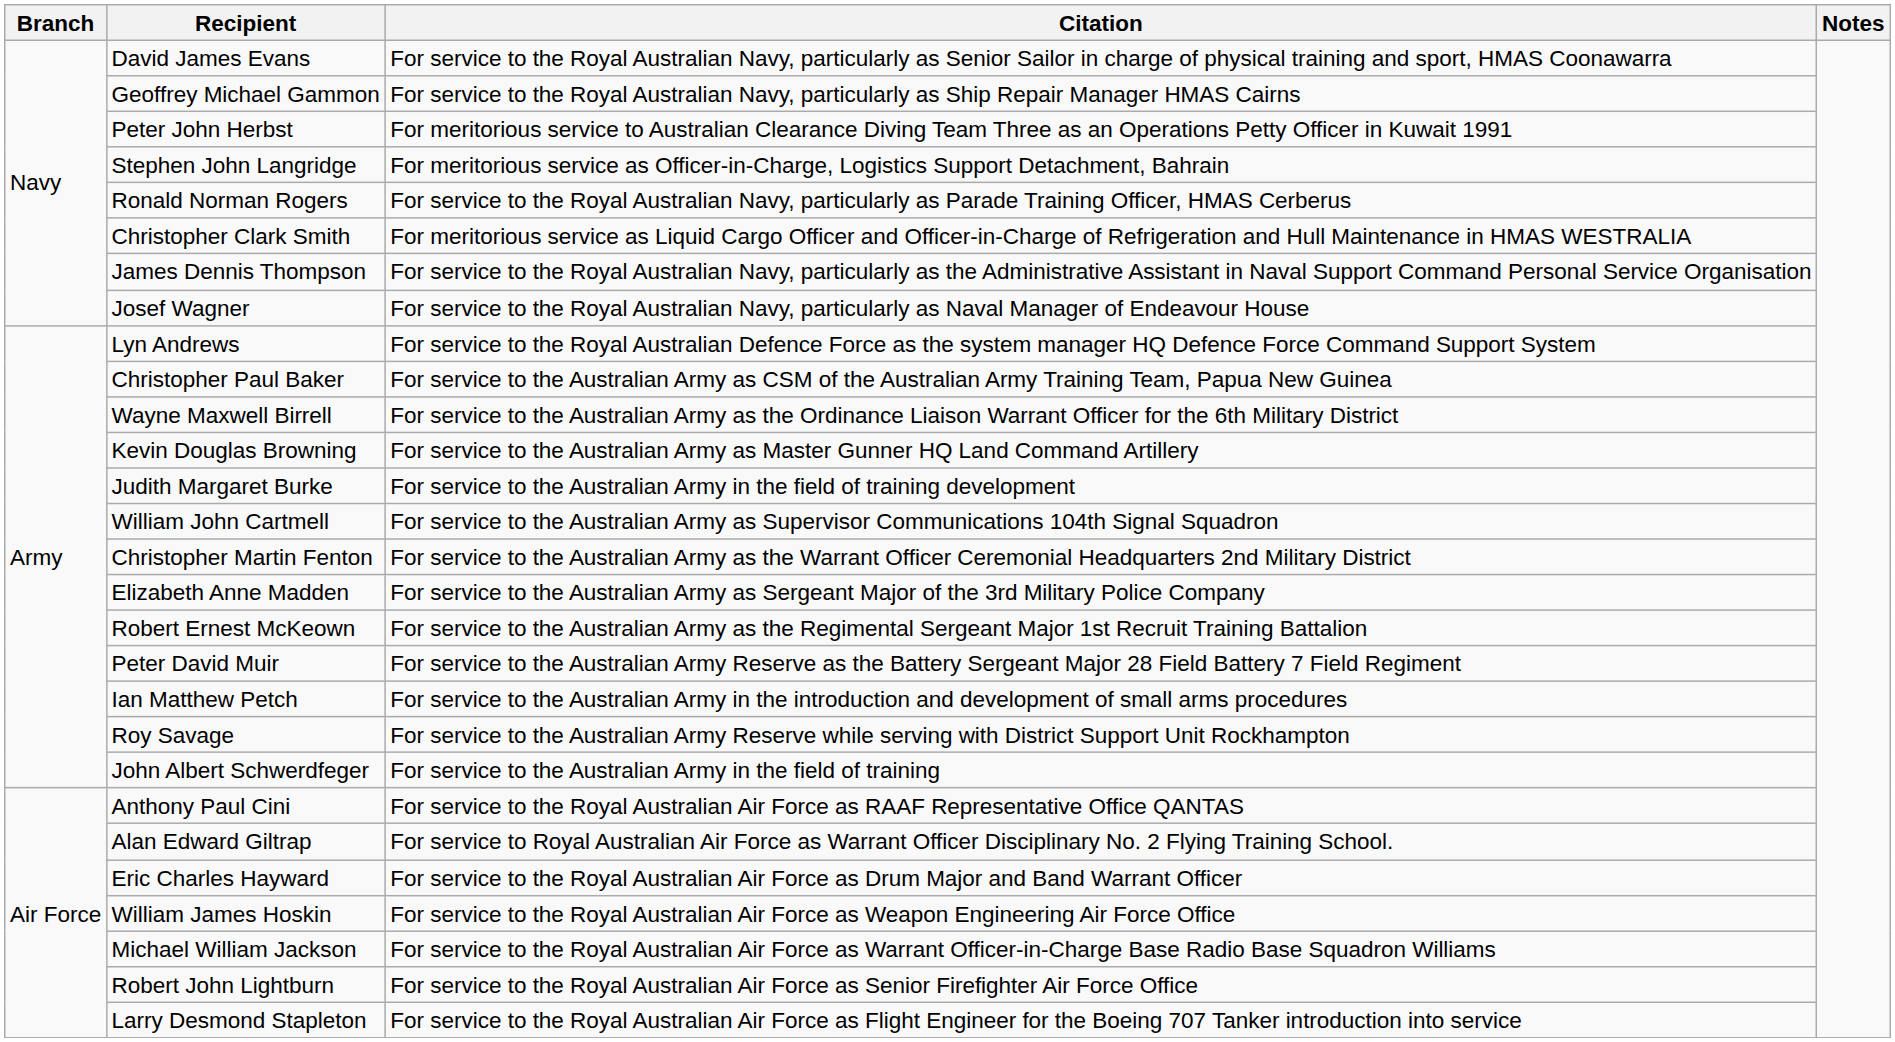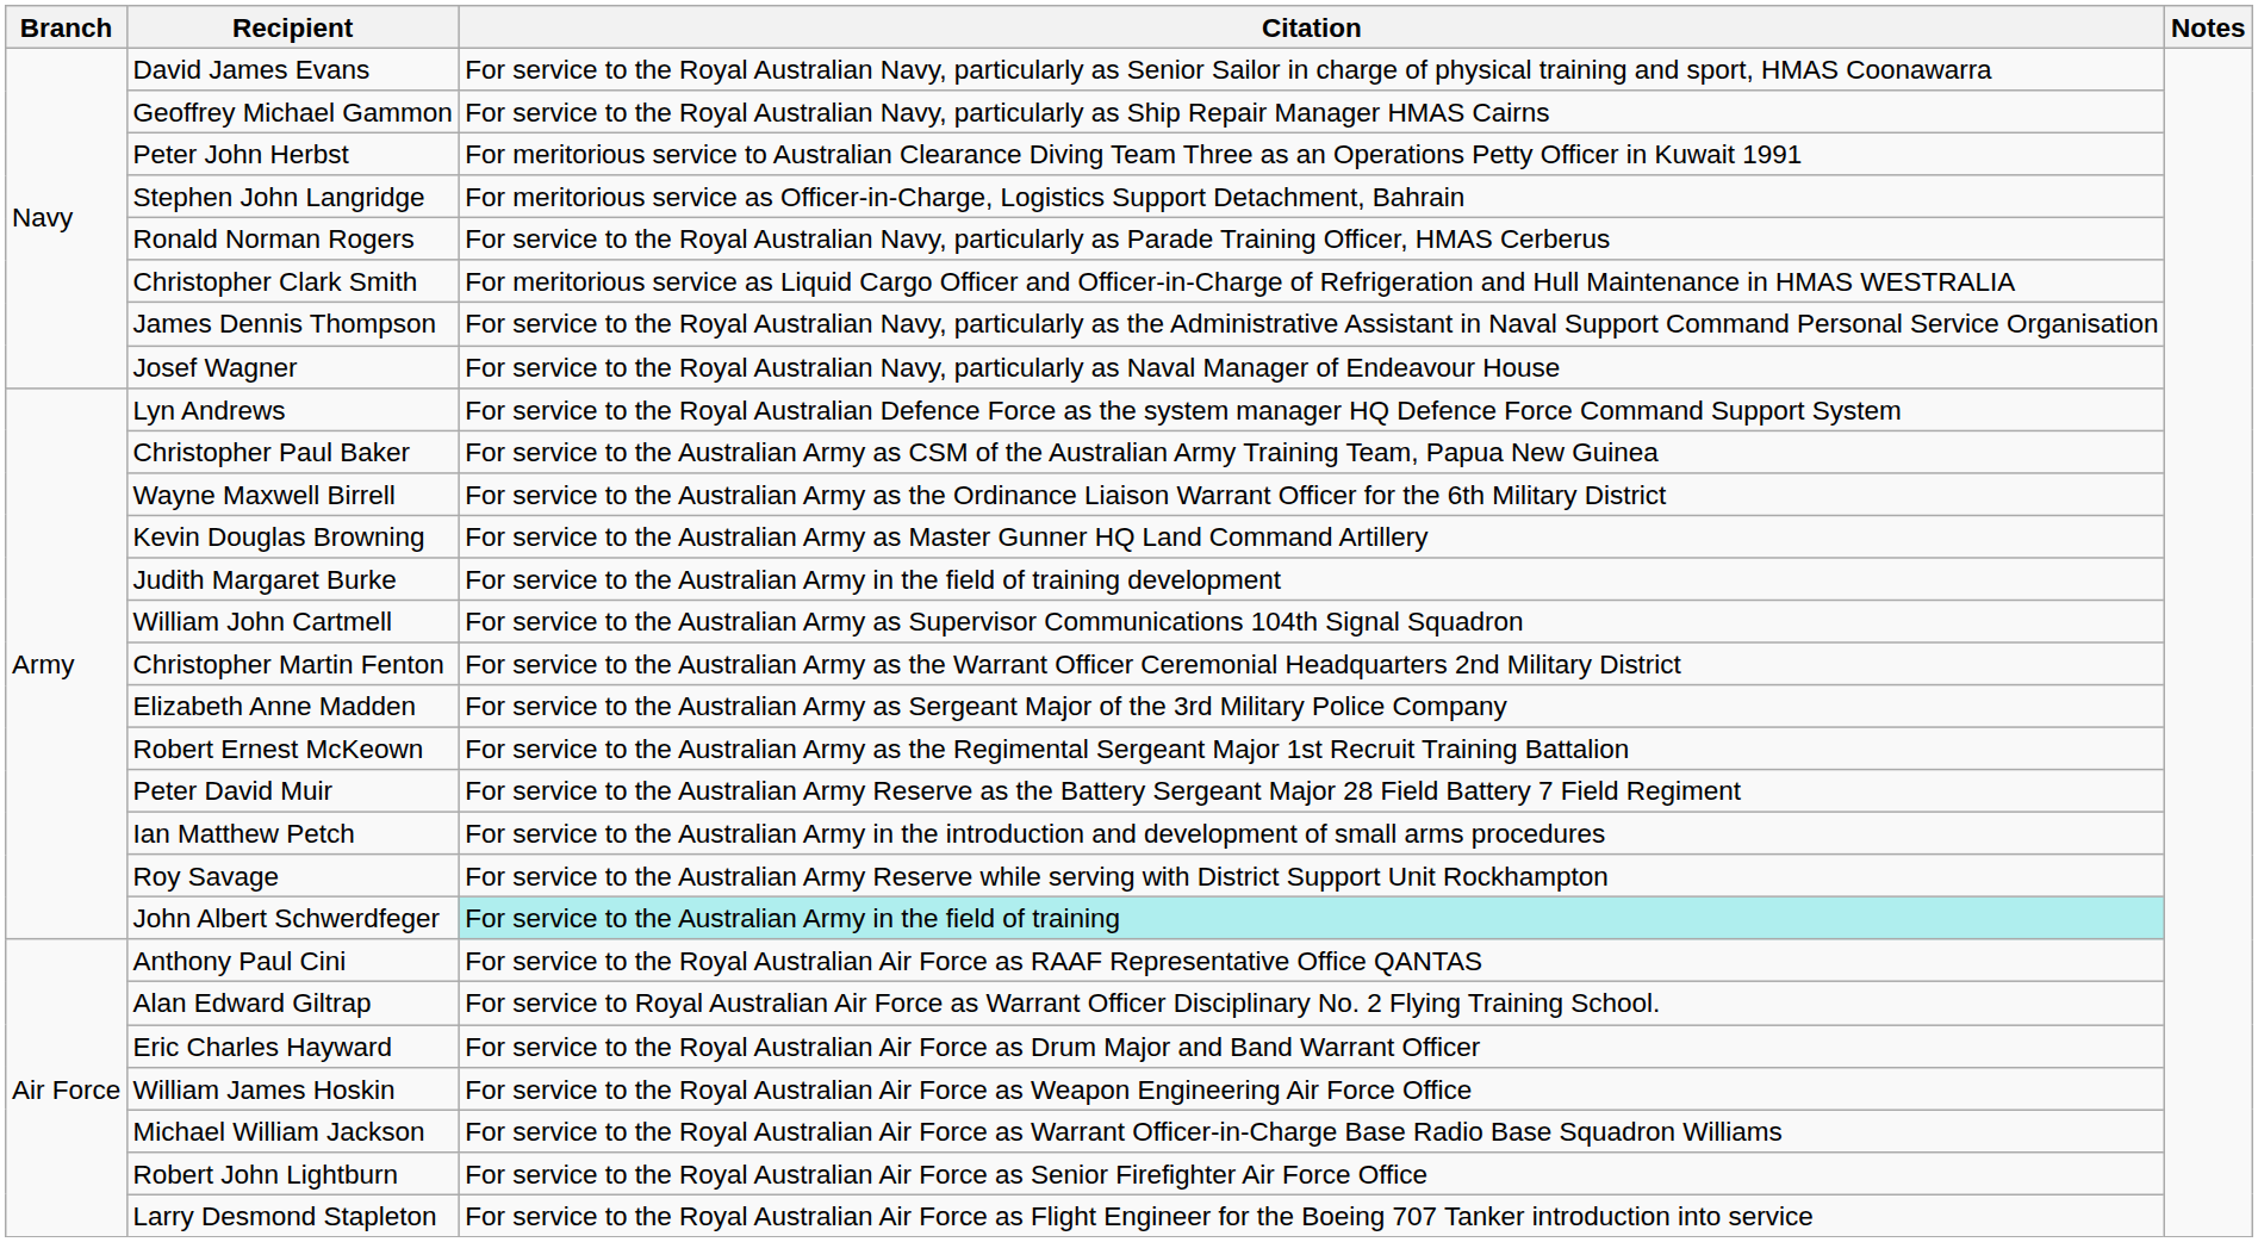 <table class="wikitable" style="font-size:95%;">
 <tr>
 <th>Branch</th>
 <th>Recipient</th>
 <th>Citation</th>
 <th>Notes</th>
 </tr>
 <tr>
 <td rowspan=8>Navy</td>
 <td> David James Evans</td>
 <td>For service to the Royal Australian Navy, particularly as Senior Sailor in charge of physical training and sport, HMAS Coonawarra</td>
 <td rowspan=28></td>
 </tr>
 <tr>
 <td> Geoffrey Michael Gammon</td>
 <td>For service to the Royal Australian Navy, particularly as Ship Repair Manager HMAS Cairns</td>
 </tr>
 <tr>
 <td> Peter John Herbst</td>
 <td>For meritorious service to Australian Clearance Diving Team Three as an Operations Petty Officer in Kuwait 1991</td>
 </tr>
 <tr>
 <td> Stephen John Langridge</td>
 <td>For meritorious service as Officer-in-Charge, Logistics Support Detachment, Bahrain</td>
 </tr>
 <tr>
 <td> Ronald Norman Rogers</td>
 <td>For service to the Royal Australian Navy, particularly as Parade Training Officer, HMAS Cerberus</td>
 </tr>
 <tr>
 <td> Christopher Clark Smith</td>
 <td>For meritorious service as Liquid Cargo Officer and Officer-in-Charge of Refrigeration and Hull Maintenance in HMAS WESTRALIA</td>
 </tr>
 <tr>
 <td> James Dennis Thompson</td>
 <td>For service to the Royal Australian Navy, particularly as the Administrative Assistant in Naval Support Command Personal Service Organisation</td>
 </tr>
 <tr>
 <td> Josef Wagner</td>
 <td>For service to the Royal Australian Navy, particularly as Naval Manager of Endeavour House</td>
 </tr>
 <tr>
 <td rowspan=13>Army</td>
 <td> Lyn Andrews</td>
 <td>For service to the Royal Australian Defence Force as the system manager HQ Defence Force Command Support System</td>
 </tr>
 <tr>
 <td> Christopher Paul Baker</td>
 <td>For service to the Australian Army as CSM of the Australian Army Training Team, Papua New Guinea</td>
 </tr>
 <tr>
 <td> Wayne Maxwell Birrell</td>
 <td>For service to the Australian Army as the Ordinance Liaison Warrant Officer for the 6th Military District</td>
 </tr>
 <tr>
 <td> Kevin Douglas Browning</td>
 <td>For service to the Australian Army as Master Gunner HQ Land Command Artillery</td>
 </tr>
 <tr>
 <td> Judith Margaret Burke</td>
 <td>For service to the Australian Army in the field of training development</td>
 </tr>
 <tr>
 <td> William John Cartmell</td>
 <td>For service to the Australian Army as Supervisor Communications 104th Signal Squadron</td>
 </tr>
 <tr>
 <td> Christopher Martin Fenton</td>
 <td>For service to the Australian Army as the Warrant Officer Ceremonial Headquarters 2nd Military District</td>
 </tr>
 <tr>
 <td> Elizabeth Anne Madden</td>
 <td>For service to the Australian Army as Sergeant Major of the 3rd Military Police Company</td>
 </tr>
 <tr>
 <td> Robert Ernest McKeown</td>
 <td>For service to the Australian Army as the Regimental Sergeant Major 1st Recruit Training Battalion</td>
 </tr>
 <tr>
 <td> Peter David Muir</td>
 <td>For service to the Australian Army Reserve as the Battery Sergeant Major 28 Field Battery 7 Field Regiment</td>
 </tr>
 <tr>
 <td> Ian Matthew Petch</td>
 <td>For service to the Australian Army in the introduction and development of small arms procedures</td>
 </tr>
 <tr>
 <td> Roy Savage </td>
 <td>For service to the Australian Army Reserve while serving with District Support Unit Rockhampton</td>
 </tr>
 <tr>
 <td> John Albert Schwerdfeger</td>
-<td>For service to the Australian Army in the field of training</td>
+<td style="background: paleturquoise;">For service to the Australian Army in the field of training</td>
 </tr>
 <tr>
 <td rowspan=7>Air Force</td>
 <td> Anthony Paul Cini</td>
 <td>For service to the Royal Australian Air Force as RAAF Representative Office QANTAS</td>
 </tr>
 <tr>
 <td> Alan Edward Giltrap</td>
 <td>For service to Royal Australian Air Force as Warrant Officer Disciplinary No. 2 Flying Training School.</td>
 </tr>
 <tr>
 <td> Eric Charles Hayward</td>
 <td>For service to the Royal Australian Air Force as Drum Major and Band Warrant Officer</td>
 </tr>
 <tr>
 <td> William James Hoskin</td>
 <td>For service to the Royal Australian Air Force as Weapon Engineering Air Force Office</td>
 </tr>
 <tr>
 <td> Michael William Jackson</td>
 <td>For service to the Royal Australian Air Force as Warrant Officer-in-Charge Base Radio Base Squadron Williams</td>
 </tr>
 <tr>
 <td> Robert John Lightburn</td>
 <td>For service to the Royal Australian Air Force as Senior Firefighter Air Force Office</td>
 </tr>
 <tr>
 <td> Larry Desmond Stapleton</td>
 <td>For service to the Royal Australian Air Force as Flight Engineer for the Boeing 707 Tanker introduction into service</td>
 </tr>
 </table>
